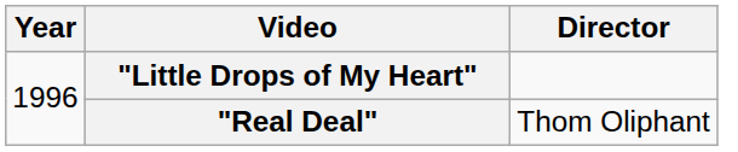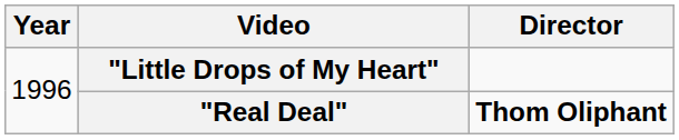 <table class="wikitable plainrowheaders">
 <tr>
 <th>Year</th>
 <th style="width:14em;">Video</th>
 <th>Director</th>
 </tr>
 <tr>
 <td rowspan="2">1996</td>
 <th scope="row">"Little Drops of My Heart"</th>
 <td></td>
 </tr>
 <tr>
 <th scope="row">"Real Deal"</th>
-<td>Thom Oliphant</td>
+<td><strong>Thom Oliphant</strong></td>
 </tr>
 </table>
